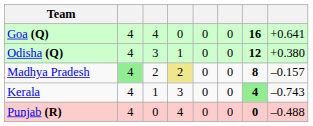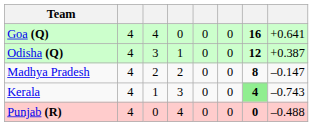 <table class="wikitable" style="text-align:center">
 <tr>
 <th style="width:140px;">Team</th>
 <th style="width:25px;"></th>
 <th style="width:25px;"></th>
 <th style="width:25px;"></th>
 <th style="width:25px;"></th>
 <th style="width:25px;"></th>
 <th style="width:25px;"></th>
 <th style="width:40px;"></th>
 </tr>
 <tr style="background:#cfc;">
 <td style="text-align:left"><a href='#'>Goa</a> <strong>(Q)</strong></td>
 <td>4</td>
 <td>4</td>
 <td>0</td>
 <td>0</td>
 <td>0</td>
 <td><strong>16</strong></td>
 <td>+0.641</td>
 </tr>
 <tr style="background:#cfc;">
 <td style="text-align:left"><a href='#'>Odisha</a> <strong>(Q)</strong></td>
 <td>4</td>
 <td>3</td>
 <td>1</td>
 <td>0</td>
 <td>0</td>
 <td><strong>12</strong></td>
-<td>+0.380</td>
+<td>+0.387</td>
 </tr>
 <tr>
 <td style="text-align:left"><a href='#'>Madhya Pradesh</a></td>
-<td style="background: lightgreen;">4</td>
+<td>4</td>
 <td>2</td>
-<td style="background: khaki;">2</td>
+<td>2</td>
 <td>0</td>
 <td>0</td>
 <td><strong>8</strong></td>
-<td>–0.157</td>
+<td>–0.147</td>
 </tr>
 <tr>
 <td style="text-align:left"><a href='#'>Kerala</a></td>
 <td>4</td>
 <td>1</td>
 <td>3</td>
 <td>0</td>
 <td>0</td>
 <td style="background: lightgreen;"><strong>4</strong></td>
 <td>–0.743</td>
 </tr>
 <tr style="background:#FFCCCC">
 <td style="text-align:left"><a href='#'>Punjab</a> <strong>(R)</strong></td>
 <td>4</td>
 <td>0</td>
 <td>4</td>
 <td>0</td>
 <td>0</td>
 <td><strong>0</strong></td>
 <td>–0.488</td>
 </tr>
 </table>
